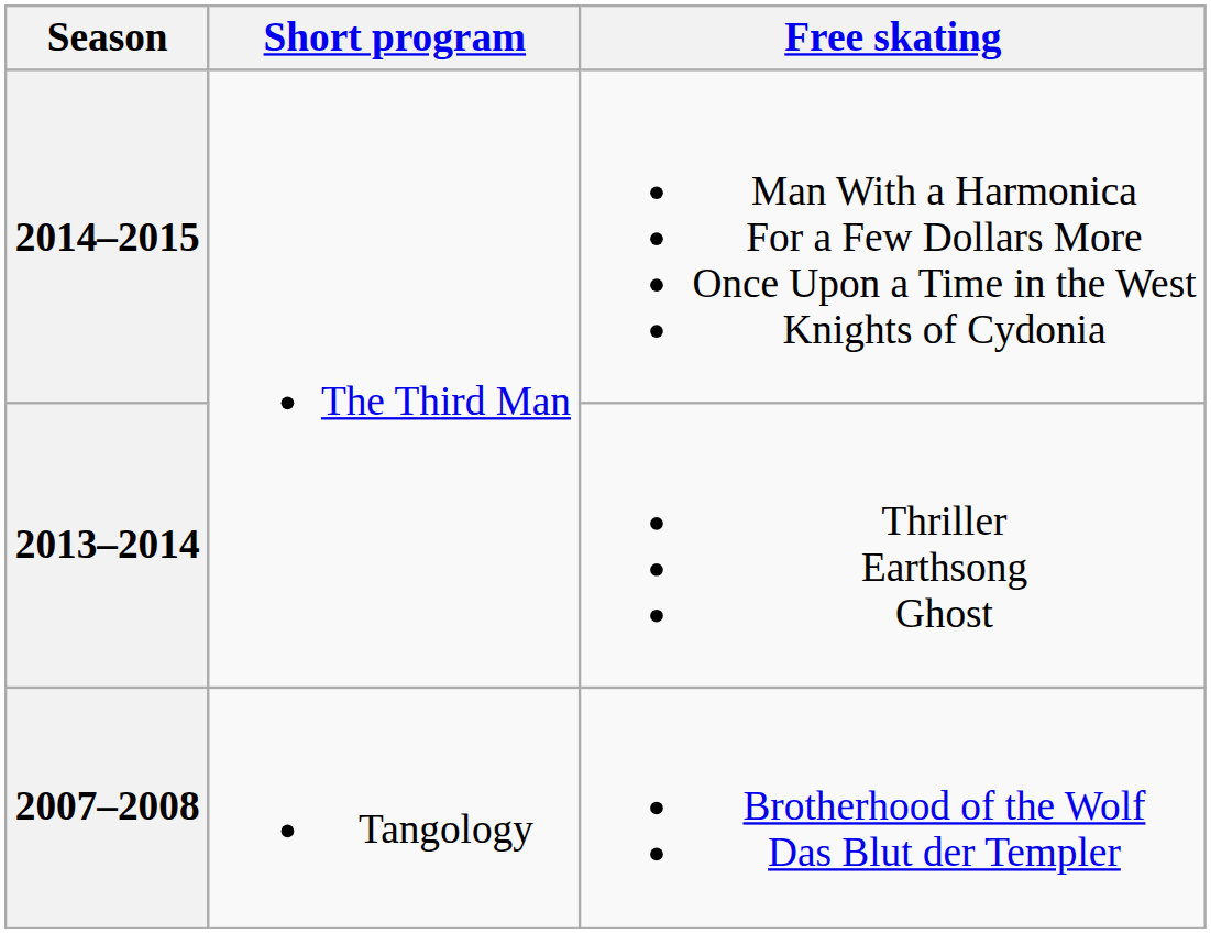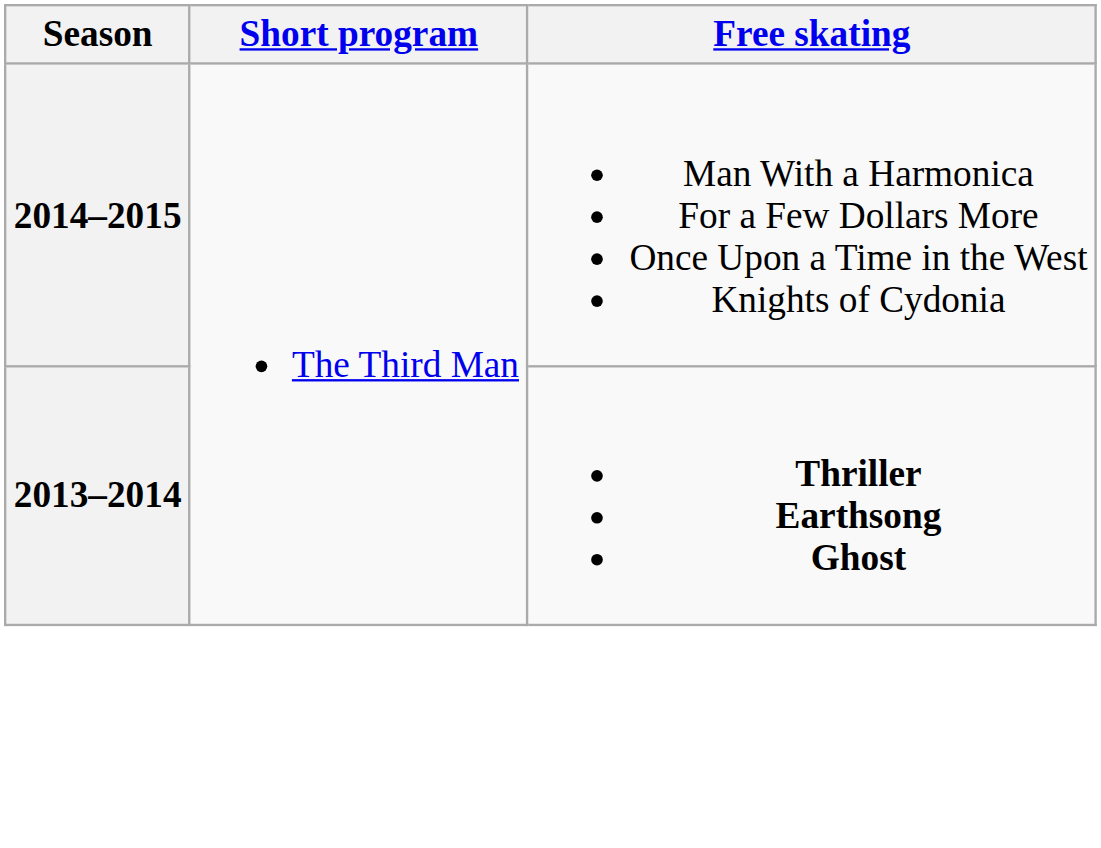 <table class=wikitable style=text-align:center>
 <tr>
 <th>Season</th>
 <th><a href='#'>Short program</a></th>
 <th><a href='#'>Free skating</a></th>
 </tr>
 <tr>
 <th>2014–2015 <br> </th>
 <td rowspan=2><br><ul><li><a href='#'>The Third Man</a> <br></li></ul></td>
 <td><br><ul><li>Man With a Harmonica <br></li><li>For a Few Dollars More <br></li><li>Once Upon  a Time in the West <br></li><li>Knights of Cydonia <br></li></ul></td>
 </tr>
 <tr>
 <th>2013–2014 <br> </th>
-<td><br><ul><li>Thriller <br></li><li>Earthsong <br></li><li>Ghost <br></li></ul></td>
-</tr>
-<tr>
-<th>2007–2008 <br> </th>
-<td><br><ul><li>Tangology <br></li></ul></td>
-<td><br><ul><li><a href='#'>Brotherhood of the Wolf</a> <br></li><li><a href='#'>Das Blut der Templer</a> <br></li></ul></td>
+<td><strong><br><ul><li>Thriller <br></li><li>Earthsong <br></li><li>Ghost <br></li></ul></strong></td>
 </tr>
 </table>
